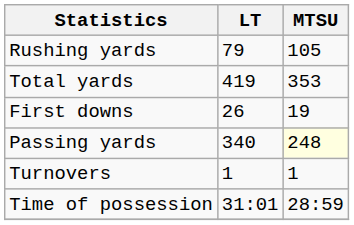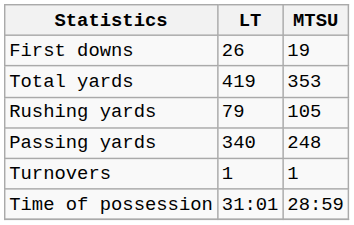 <table class="wikitable">
 <tr>
 <th>Statistics</th>
 <th>LT</th>
 <th>MTSU</th>
 </tr>
 <tr>
-<td>Rushing yards</td>
-<td>79</td>
-<td>105</td>
+<td>First downs</td>
+<td>26</td>
+<td>19</td>
 </tr>
 <tr>
 <td>Total yards</td>
 <td>419</td>
 <td>353</td>
 </tr>
 <tr>
-<td>First downs</td>
-<td>26</td>
-<td>19</td>
+<td>Rushing yards</td>
+<td>79</td>
+<td>105</td>
 </tr>
 <tr>
 <td>Passing yards</td>
 <td>340</td>
-<td style="background: lightyellow;">248</td>
+<td>248</td>
 </tr>
 <tr>
 <td>Turnovers</td>
 <td>1</td>
 <td>1</td>
 </tr>
 <tr>
 <td>Time of possession</td>
 <td>31:01</td>
 <td>28:59</td>
 </tr>
 <tr>
 </tr>
 </table>
